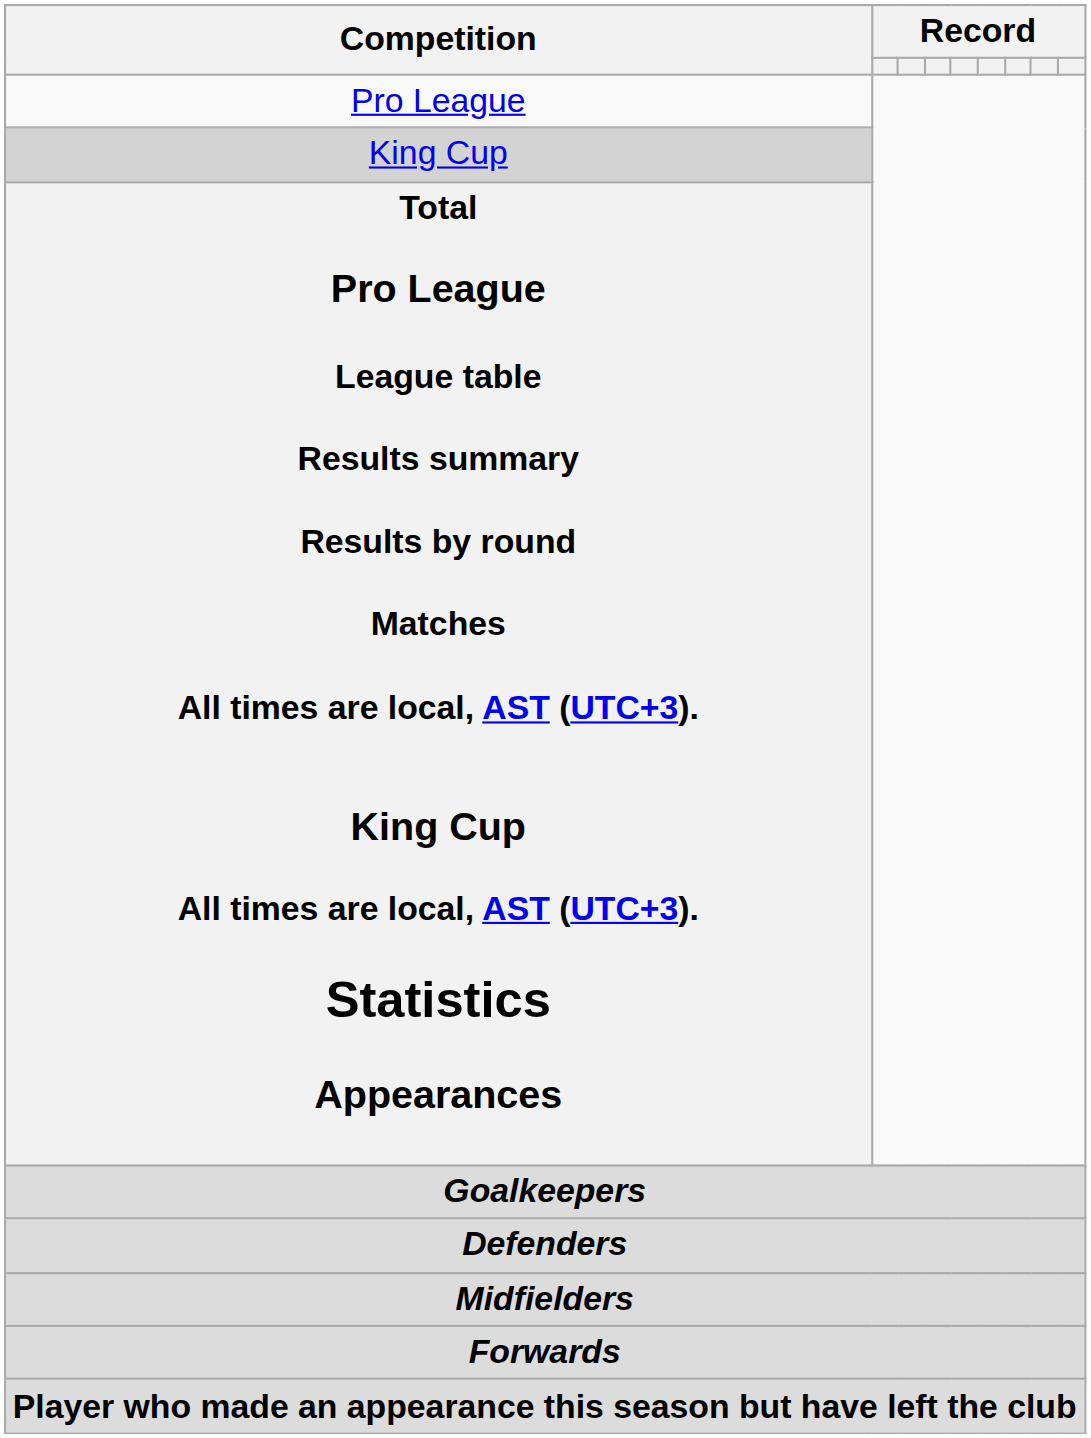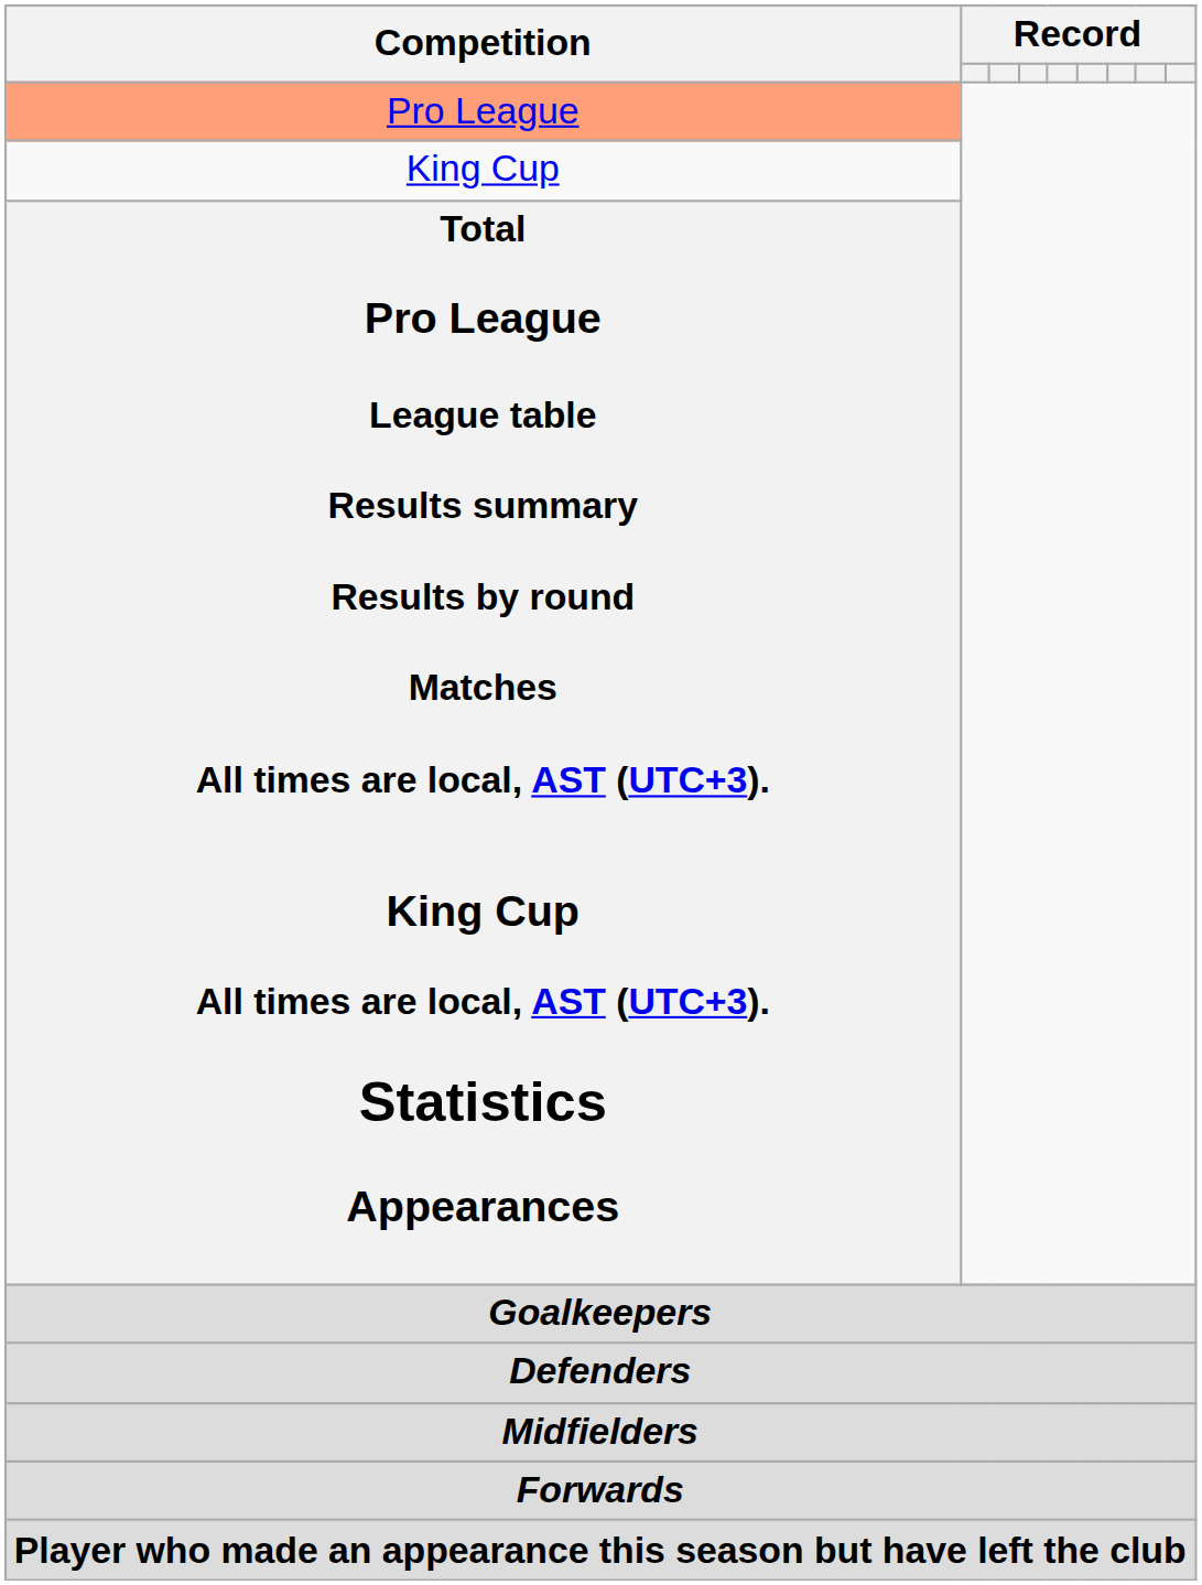 <table class="wikitable" style="text-align: center">
 <tr>
 <th rowspan=2>Competition</th>
 <th colspan=8>Record</th>
 </tr>
 <tr>
 <th></th>
 <th></th>
 <th></th>
 <th></th>
 <th></th>
 <th></th>
 <th></th>
 <th></th>
 </tr>
 <tr>
-<td><a href='#'>Pro League</a><br></td>
+<td style="background: lightsalmon;"><a href='#'>Pro League</a><br></td>
 </tr>
 <tr>
-<td style="background: lightgrey;"><a href='#'>King Cup</a><br></td>
+<td><a href='#'>King Cup</a><br></td>
 </tr>
 <tr>
 <th>Total<br> <h3>Pro League</h3><h4>League table</h4><h4>Results summary</h4> <h4>Results by round</h4><h4>Matches</h4>All times are local, <a href='#'>AST</a> (<a href='#'>UTC+3</a>).<br>   <br>                             <h3>King Cup</h3> All times are local, <a href='#'>AST</a> (<a href='#'>UTC+3</a>).<br><h2>Statistics</h2><h3>Appearances</h3></th>
 </tr>
 <tr>
 <th colspan=18 style=background:#dcdcdc; text-align:center><em>Goalkeepers</em><br>  </th>
 </tr>
 <tr>
 <th colspan=18 style=background:#dcdcdc; text-align:center><em>Defenders</em><br>           </th>
 </tr>
 <tr>
 <th colspan=18 style=background:#dcdcdc; text-align:center><em>Midfielders</em><br>              </th>
 </tr>
 <tr>
 <th colspan=18 style=background:#dcdcdc; text-align:center><em>Forwards</em><br>   </th>
 </tr>
 <tr>
 <th colspan=18 style=background:#dcdcdc; text-align:center>Player who made an appearance this season but have left the club<br></th>
 </tr>
 </table>
